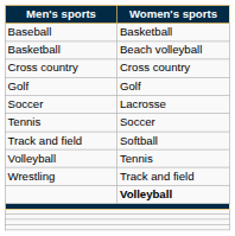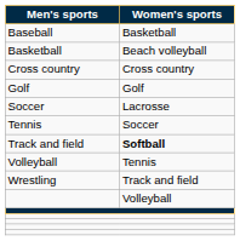 <table class="wikitable" style="text-align: ">
 <tr>
 <th width=150px style="background:#002A46; color:#ffffff; border:1px solid #FEC541">Men's sports</th>
 <th width=150px style="background:#002A46; color:#ffffff; border:1px solid #FEC541">Women's sports</th>
 </tr>
 <tr>
 <td>Baseball</td>
 <td>Basketball</td>
 </tr>
 <tr>
 <td>Basketball</td>
 <td>Beach volleyball</td>
 </tr>
 <tr>
 <td>Cross country</td>
 <td>Cross country</td>
 </tr>
 <tr>
 <td>Golf</td>
 <td>Golf</td>
 </tr>
 <tr>
 <td>Soccer</td>
 <td>Lacrosse</td>
 </tr>
 <tr>
 <td>Tennis</td>
 <td>Soccer</td>
 </tr>
 <tr>
 <td>Track and field</td>
-<td>Softball</td>
+<td><strong>Softball</strong></td>
 </tr>
 <tr>
 <td>Volleyball</td>
 <td>Tennis</td>
 </tr>
 <tr>
 <td>Wrestling</td>
 <td>Track and field</td>
 </tr>
 <tr>
 <td></td>
-<td><strong>Volleyball</strong></td>
+<td>Volleyball</td>
 </tr>
 <tr>
 <th colspan=2 style="background:#002A46; color:#ffffff; border:1px solid #FEC541"></th>
 </tr>
 <tr>
 <td colspan=2></td>
 </tr>
 <tr>
 <td colspan=2></td>
 </tr>
 <tr>
 <td colspan=2></td>
 </tr>
 <tr>
 <td colspan=2></td>
 </tr>
 </table>
